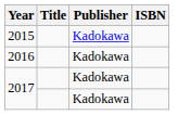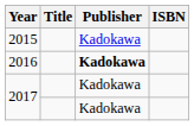 <table class="wikitable">
 <tr>
 <th>Year</th>
 <th>Title</th>
 <th>Publisher</th>
 <th>ISBN</th>
 </tr>
 <tr>
 <td>2015</td>
 <td><strong></strong></td>
 <td><a href='#'>Kadokawa</a></td>
 <td></td>
 </tr>
 <tr>
 <td>2016</td>
 <td><strong></strong></td>
-<td>Kadokawa</td>
+<td><strong>Kadokawa</strong></td>
 <td></td>
 </tr>
 <tr>
 <td rowspan="2">2017</td>
 <td><strong></strong> </td>
 <td>Kadokawa</td>
 <td></td>
 </tr>
 <tr>
 <td><strong></strong> </td>
 <td>Kadokawa</td>
 <td></td>
 </tr>
 </table>
